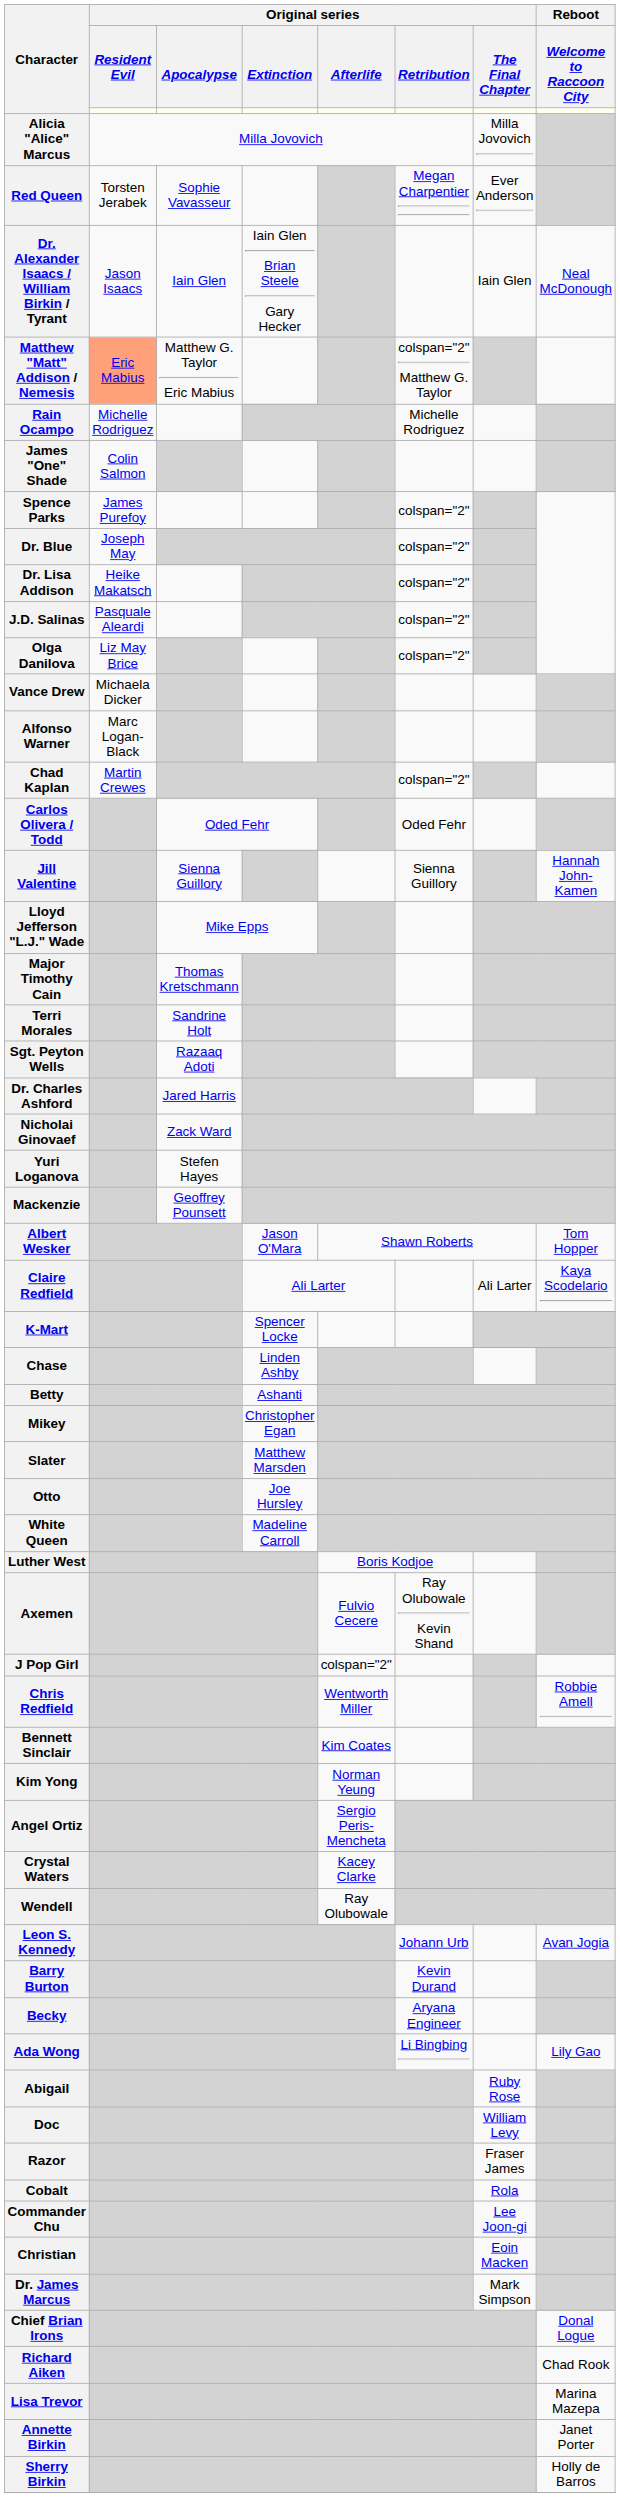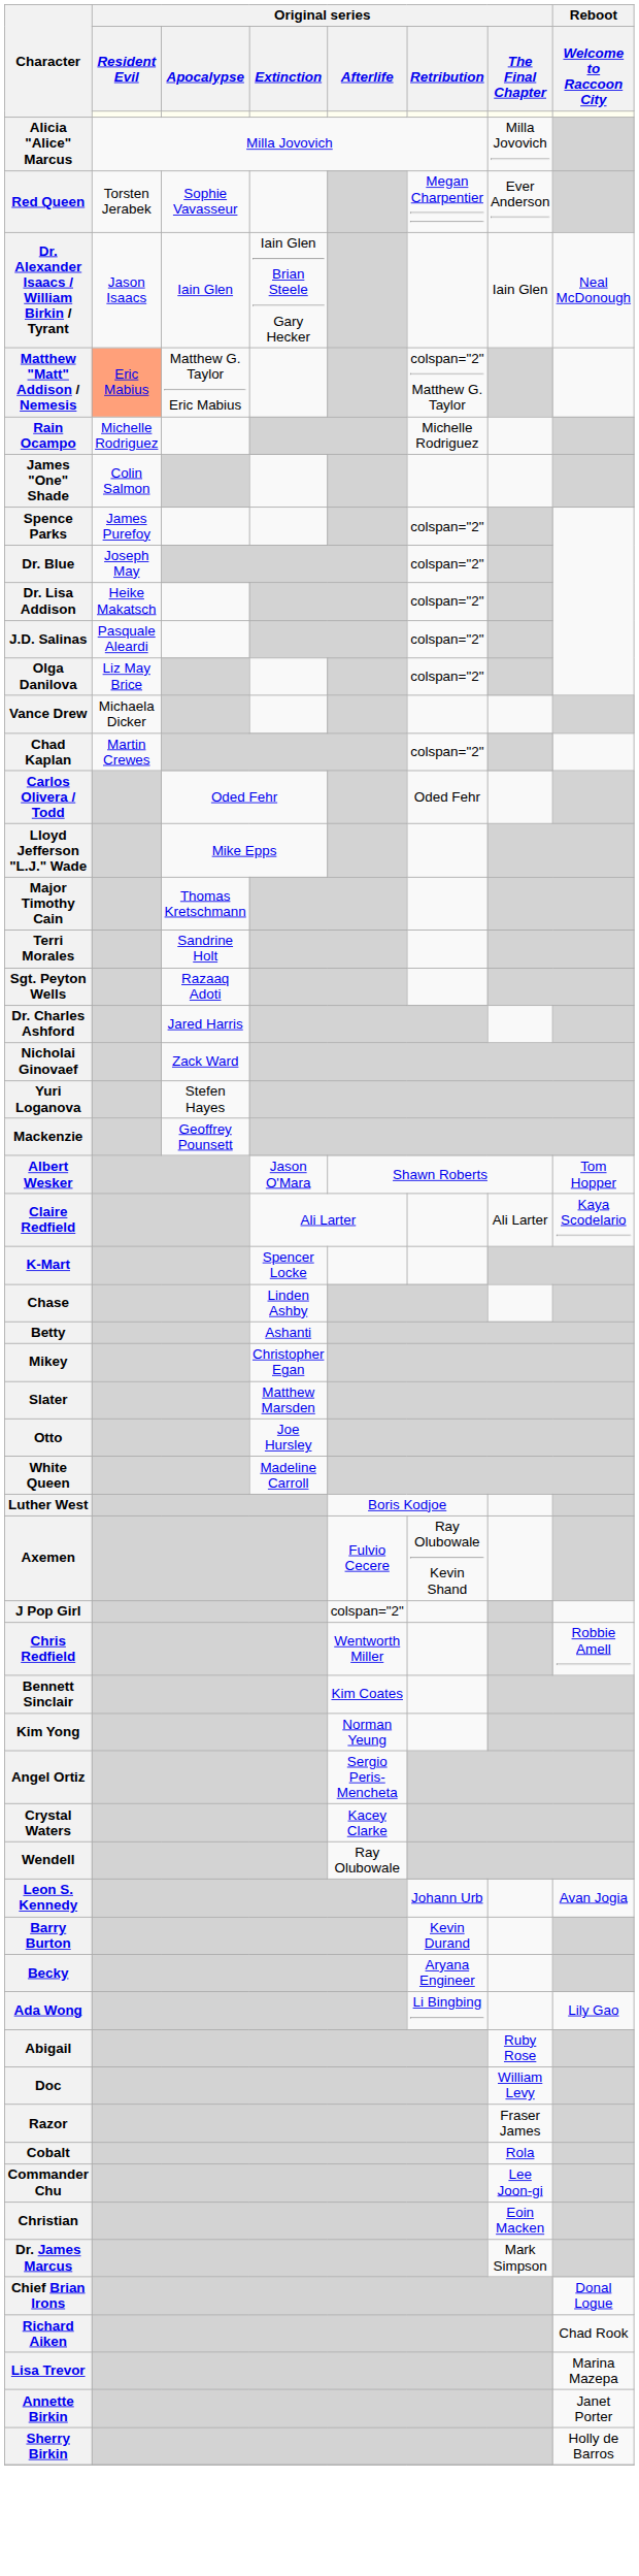 <table class="wikitable" style="text-align:center; width:99%;">
 <tr>
 <th rowspan="3" style="width:15%;">Character</th>
 <th colspan="6" style="text-align:center;">Original series</th>
 <th style="text-align:center;">Reboot</th>
 </tr>
 <tr>
 <th style="width:12%;"><em><a href='#'>Resident Evil</a></em></th>
 <th style="width:12%;"><em><a href='#'><br>Apocalypse</a></em></th>
 <th style="width:12%;"><em><a href='#'><br>Extinction</a></em></th>
 <th style="width:12%;"><em><a href='#'><br>Afterlife</a></em></th>
 <th style="width:12%;"><em><a href='#'><br>Retribution</a></em></th>
 <th style="width:12%;"><em><a href='#'><br>The Final Chapter</a></em></th>
 <th style="width:12%;"><em><a href='#'><br>Welcome to Raccoon City</a></em></th>
 </tr>
 <tr>
 <th style="background:ivory;"></th>
 <th style="background:ivory;"></th>
 <th style="background:ivory;"></th>
 <th style="background:ivory;"></th>
 <th style="background:ivory;"></th>
 <th style="background:ivory;"></th>
 <th style="background:ivory;"></th>
 </tr>
 <tr>
 <th>Alicia "Alice" Marcus</th>
 <td colspan="5"><a href='#'>Milla Jovovich</a></td>
 <td>Milla Jovovich<hr></td>
 <td style="background:lightgrey;"></td>
 </tr>
 <tr>
 <th><a href='#'>Red Queen<br></a></th>
 <td>Torsten Jerabek</td>
 <td><a href='#'>Sophie Vavasseur</a></td>
 <td></td>
 <td style="background:lightgrey;"></td>
 <td><a href='#'>Megan Charpentier</a><hr><hr></td>
 <td>Ever Anderson<hr></td>
 <td style="background:lightgrey;"></td>
 </tr>
 <tr>
 <th><a href='#'>Dr. Alexander Isaacs / William Birkin</a> / Tyrant</th>
 <td><a href='#'>Jason Isaacs</a></td>
 <td><a href='#'>Iain Glen</a></td>
 <td>Iain Glen<hr><a href='#'>Brian Steele</a><hr>Gary Hecker </td>
 <td style="background:lightgrey;"></td>
 <td></td>
 <td>Iain Glen</td>
 <td><a href='#'>Neal McDonough</a></td>
 </tr>
 <tr>
 <th><a href='#'>Matthew "Matt" Addison</a> / <a href='#'>Nemesis</a></th>
 <td style="background: lightsalmon;"><a href='#'>Eric Mabius</a></td>
 <td>Matthew G. Taylor <hr>Eric Mabius</td>
 <td></td>
 <td style="background:lightgrey;"></td>
 <td>colspan="2" <hr>Matthew G. Taylor </td>
 <td style="background:lightgrey;"></td>
 </tr>
 <tr>
 <th><a href='#'>Rain Ocampo</a></th>
 <td><a href='#'>Michelle Rodriguez</a></td>
 <td></td>
 <td colspan="2" style="background:lightgrey;"></td>
 <td>Michelle Rodriguez</td>
 <td></td>
 <td style="background:lightgrey;"></td>
 </tr>
 <tr>
 <th>James "One" Shade</th>
 <td><a href='#'>Colin Salmon</a></td>
 <td style="background:lightgrey;"></td>
 <td></td>
 <td style="background:lightgrey;"></td>
 <td></td>
 <td></td>
 <td style="background:lightgrey;"></td>
 </tr>
 <tr>
 <th>Spence Parks</th>
 <td><a href='#'>James Purefoy</a></td>
 <td></td>
 <td></td>
 <td style="background:lightgrey;"></td>
 <td>colspan="2" </td>
 <td style="background:lightgrey;"></td>
 </tr>
 <tr>
 <th>Dr. Blue</th>
 <td><a href='#'>Joseph May</a></td>
 <td colspan="3" style="background:lightgrey;"></td>
 <td>colspan="2" </td>
 <td style="background:lightgrey;"></td>
 </tr>
 <tr>
 <th>Dr. Lisa Addison</th>
 <td><a href='#'>Heike Makatsch</a></td>
 <td></td>
 <td colspan="2" style="background:lightgrey;"></td>
 <td>colspan="2" </td>
 <td style="background:lightgrey;"></td>
 </tr>
 <tr>
 <th>J.D. Salinas</th>
 <td><a href='#'>Pasquale Aleardi</a></td>
 <td></td>
 <td colspan="2" style="background:lightgrey;"></td>
 <td>colspan="2" </td>
 <td style="background:lightgrey;"></td>
 </tr>
 <tr>
 <th>Olga Danilova</th>
 <td><a href='#'>Liz May Brice</a></td>
 <td style="background:lightgrey;"></td>
 <td></td>
 <td style="background:lightgrey;"></td>
 <td>colspan="2" </td>
 <td style="background:lightgrey;"></td>
 </tr>
 <tr>
 <th>Vance Drew</th>
 <td>Michaela Dicker</td>
 <td style="background:lightgrey;"></td>
 <td></td>
 <td style="background:lightgrey;"></td>
 <td></td>
 <td></td>
 <td style="background:lightgrey;"></td>
 </tr>
 <tr>
-<th>Alfonso Warner</th>
-<td>Marc Logan-Black</td>
-<td style="background:lightgrey;"></td>
-<td></td>
-<td style="background:lightgrey;"></td>
-<td></td>
-<td></td>
-<td style="background:lightgrey;"></td>
-</tr>
-<tr>
 <th>Chad Kaplan</th>
 <td><a href='#'>Martin Crewes</a></td>
 <td colspan="3" style="background:lightgrey;"></td>
 <td>colspan="2" </td>
 <td style="background:lightgrey;"></td>
 </tr>
 <tr>
 <th><a href='#'>Carlos Olivera / Todd</a></th>
 <td style="background:lightgrey;"></td>
 <td colspan="2"><a href='#'>Oded Fehr</a></td>
 <td style="background:lightgrey;"></td>
 <td>Oded Fehr</td>
 <td></td>
 <td style="background:lightgrey;"></td>
-</tr>
-<tr>
-<th><a href='#'>Jill Valentine</a></th>
-<td style="background:lightgrey;"></td>
-<td><a href='#'>Sienna Guillory</a></td>
-<td style="background:lightgrey;"></td>
-<td></td>
-<td>Sienna Guillory</td>
-<td style="background:lightgrey;"></td>
-<td><a href='#'>Hannah John-Kamen</a></td>
 </tr>
 <tr>
 <th>Lloyd Jefferson "L.J." Wade</th>
 <td style="background:lightgrey;"></td>
 <td colspan="2"><a href='#'>Mike Epps</a></td>
 <td style="background:lightgrey;"></td>
 <td></td>
 <td colspan="2" style="background:lightgrey;"></td>
 </tr>
 <tr>
 <th>Major Timothy Cain</th>
 <td style="background:lightgrey;"></td>
 <td><a href='#'>Thomas Kretschmann</a></td>
 <td colspan="2" style="background:lightgrey;"></td>
 <td></td>
 <td colspan="2" style="background:lightgrey;"></td>
 </tr>
 <tr>
 <th>Terri Morales</th>
 <td style="background:lightgrey;"></td>
 <td><a href='#'>Sandrine Holt</a></td>
 <td colspan="2" style="background:lightgrey;"></td>
 <td></td>
 <td colspan="2" style="background:lightgrey;"></td>
 </tr>
 <tr>
 <th>Sgt. Peyton Wells</th>
 <td style="background:lightgrey;"></td>
 <td><a href='#'>Razaaq Adoti</a></td>
 <td colspan="2" style="background:lightgrey;"></td>
 <td></td>
 <td colspan="2" style="background:lightgrey;"></td>
 </tr>
 <tr>
 <th>Dr. Charles Ashford</th>
 <td style="background:lightgrey;"></td>
 <td><a href='#'>Jared Harris</a></td>
 <td colspan="3" style="background:lightgrey;"></td>
 <td></td>
 <td style="background:lightgrey;"></td>
 </tr>
 <tr>
 <th>Nicholai Ginovaef</th>
 <td style="background:lightgrey;"></td>
 <td><a href='#'>Zack Ward</a></td>
 <td colspan="5" style="background:lightgrey;"></td>
 </tr>
 <tr>
 <th>Yuri Loganova</th>
 <td style="background:lightgrey;"></td>
 <td>Stefen Hayes</td>
 <td colspan="5" style="background:lightgrey;"></td>
 </tr>
 <tr>
 <th>Mackenzie</th>
 <td style="background:lightgrey;"></td>
 <td><a href='#'>Geoffrey Pounsett</a></td>
 <td colspan="5" style="background:lightgrey;"></td>
 </tr>
 <tr>
 <th><a href='#'>Albert Wesker</a></th>
 <td colspan="2" style="background:lightgrey;"></td>
 <td><a href='#'>Jason O'Mara</a></td>
 <td colspan="3"><a href='#'>Shawn Roberts</a></td>
 <td><a href='#'>Tom Hopper</a></td>
 </tr>
 <tr>
 <th><a href='#'>Claire Redfield</a></th>
 <td colspan="2" style="background:lightgrey;"></td>
 <td colspan="2"><a href='#'>Ali Larter</a></td>
 <td></td>
 <td>Ali Larter</td>
 <td><a href='#'>Kaya Scodelario</a><hr></td>
 </tr>
 <tr>
 <th><a href='#'>K-Mart</a></th>
 <td colspan="2" style="background:lightgrey;"></td>
 <td><a href='#'>Spencer Locke</a></td>
 <td></td>
 <td></td>
 <td colspan="2" style="background:lightgrey;"></td>
 </tr>
 <tr>
 <th>Chase</th>
 <td colspan="2" style="background:lightgrey;"></td>
 <td><a href='#'>Linden Ashby</a></td>
 <td colspan="2" style="background:lightgrey;"></td>
 <td></td>
 <td style="background:lightgrey;"></td>
 </tr>
 <tr>
 <th>Betty</th>
 <td colspan="2" style="background:lightgrey;"></td>
 <td><a href='#'>Ashanti</a></td>
 <td colspan="4" style="background:lightgrey;"></td>
 </tr>
 <tr>
 <th>Mikey</th>
 <td colspan="2" style="background:lightgrey;"></td>
 <td><a href='#'>Christopher Egan</a></td>
 <td colspan="4" style="background:lightgrey;"></td>
 </tr>
 <tr>
 <th>Slater</th>
 <td colspan="2" style="background:lightgrey;"></td>
 <td><a href='#'>Matthew Marsden</a></td>
 <td colspan="4" style="background:lightgrey;"></td>
 </tr>
 <tr>
 <th>Otto</th>
 <td colspan="2" style="background:lightgrey;"></td>
 <td><a href='#'>Joe Hursley</a></td>
 <td colspan="4" style="background:lightgrey;"></td>
 </tr>
 <tr>
 <th>White Queen</th>
 <td colspan="2" style="background:lightgrey;"></td>
 <td><a href='#'>Madeline Carroll</a></td>
 <td colspan="4" style="background:lightgrey;"></td>
 </tr>
 <tr>
 <th>Luther West</th>
 <td colspan="3" style="background:lightgrey;"></td>
 <td colspan="2"><a href='#'>Boris Kodjoe</a></td>
 <td></td>
 <td style="background:lightgrey;"></td>
 </tr>
 <tr>
 <th>Axemen</th>
 <td colspan="3" style="background:lightgrey;"></td>
 <td><a href='#'>Fulvio Cecere</a></td>
 <td>Ray Olubowale<hr>Kevin Shand</td>
 <td></td>
 <td style="background:lightgrey;"></td>
 </tr>
 <tr>
 <th>J Pop Girl</th>
 <td colspan="3" style="background:lightgrey;"></td>
 <td>colspan="2" </td>
 <td></td>
 <td style="background:lightgrey;"></td>
 </tr>
 <tr>
 <th><a href='#'>Chris Redfield</a></th>
 <td colspan="3" style="background:lightgrey;"></td>
 <td><a href='#'>Wentworth Miller</a></td>
 <td></td>
 <td style="background:lightgrey;"></td>
 <td><a href='#'>Robbie Amell</a><hr></td>
 </tr>
 <tr>
 <th>Bennett Sinclair</th>
 <td colspan="3" style="background:lightgrey;"></td>
 <td><a href='#'>Kim Coates</a></td>
 <td></td>
 <td colspan="2" style="background:lightgrey;"></td>
 </tr>
 <tr>
 <th>Kim Yong</th>
 <td colspan="3" style="background:lightgrey;"></td>
 <td><a href='#'>Norman Yeung</a></td>
 <td></td>
 <td colspan="2" style="background:lightgrey;"></td>
 </tr>
 <tr>
 <th>Angel Ortiz</th>
 <td colspan="3" style="background:lightgrey;"></td>
 <td><a href='#'>Sergio Peris-Mencheta</a></td>
 <td colspan="3" style="background:lightgrey;"></td>
 </tr>
 <tr>
 <th>Crystal Waters</th>
 <td colspan="3" style="background:lightgrey;"></td>
 <td><a href='#'>Kacey Clarke</a></td>
 <td colspan="3" style="background:lightgrey;"></td>
 </tr>
 <tr>
 <th>Wendell</th>
 <td colspan="3" style="background:lightgrey;"></td>
 <td>Ray Olubowale</td>
 <td colspan="3" style="background:lightgrey;"></td>
 </tr>
 <tr>
 <th><a href='#'>Leon S. Kennedy</a></th>
 <td colspan="4" style="background:lightgrey;"></td>
 <td><a href='#'>Johann Urb</a></td>
 <td></td>
 <td><a href='#'>Avan Jogia</a></td>
 </tr>
 <tr>
 <th><a href='#'>Barry Burton</a></th>
 <td colspan="4" style="background:lightgrey;"></td>
 <td><a href='#'>Kevin Durand</a></td>
 <td></td>
 <td style="background:lightgrey;"></td>
 </tr>
 <tr>
 <th><a href='#'>Becky</a></th>
 <td colspan="4" style="background:lightgrey;"></td>
 <td><a href='#'>Aryana Engineer</a></td>
 <td></td>
 <td style="background:lightgrey;"></td>
 </tr>
 <tr>
 <th><a href='#'>Ada Wong</a></th>
 <td colspan="4" style="background:lightgrey;"></td>
 <td><a href='#'>Li Bingbing</a><hr></td>
 <td></td>
 <td><a href='#'>Lily Gao</a></td>
 </tr>
 <tr>
 <th>Abigail</th>
 <td colspan="5" style="background:lightgrey;"></td>
 <td><a href='#'>Ruby Rose</a></td>
 <td style="background:lightgrey;"></td>
 </tr>
 <tr>
 <th>Doc</th>
 <td colspan="5" style="background:lightgrey;"></td>
 <td><a href='#'>William Levy</a></td>
 <td style="background:lightgrey;"></td>
 </tr>
 <tr>
 <th>Razor</th>
 <td colspan="5" style="background:lightgrey;"></td>
 <td>Fraser James</td>
 <td style="background:lightgrey;"></td>
 </tr>
 <tr>
 <th>Cobalt</th>
 <td colspan="5" style="background:lightgrey;"></td>
 <td><a href='#'>Rola</a></td>
 <td style="background:lightgrey;"></td>
 </tr>
 <tr>
 <th>Commander Chu</th>
 <td colspan="5" style="background:lightgrey;"></td>
 <td><a href='#'>Lee Joon-gi</a></td>
 <td style="background:lightgrey;"></td>
 </tr>
 <tr>
 <th>Christian</th>
 <td colspan="5" style="background:lightgrey;"></td>
 <td><a href='#'>Eoin Macken</a></td>
 <td style="background:lightgrey;"></td>
 </tr>
 <tr>
 <th>Dr. <a href='#'>James Marcus</a></th>
 <td colspan="5" style="background:lightgrey;"></td>
 <td>Mark Simpson</td>
 <td style="background:lightgrey;"></td>
 </tr>
 <tr>
 <th>Chief <a href='#'>Brian Irons</a></th>
 <td colspan="6" style="background:lightgrey;"></td>
 <td><a href='#'>Donal Logue</a></td>
 </tr>
 <tr>
 <th><a href='#'>Richard Aiken</a></th>
 <td colspan="6" style="background:lightgrey;"></td>
 <td>Chad Rook</td>
 </tr>
 <tr>
 <th><a href='#'>Lisa Trevor</a></th>
 <td colspan="6" style="background:lightgrey;"></td>
 <td>Marina Mazepa</td>
 </tr>
 <tr>
 <th><a href='#'>Annette Birkin</a></th>
 <td colspan="6" style="background:lightgrey;"></td>
 <td>Janet Porter</td>
 </tr>
 <tr>
 <th><a href='#'>Sherry Birkin</a></th>
 <td colspan="6" style="background:lightgrey;"></td>
 <td>Holly de Barros</td>
 </tr>
 <tr>
 </tr>
 </table>
